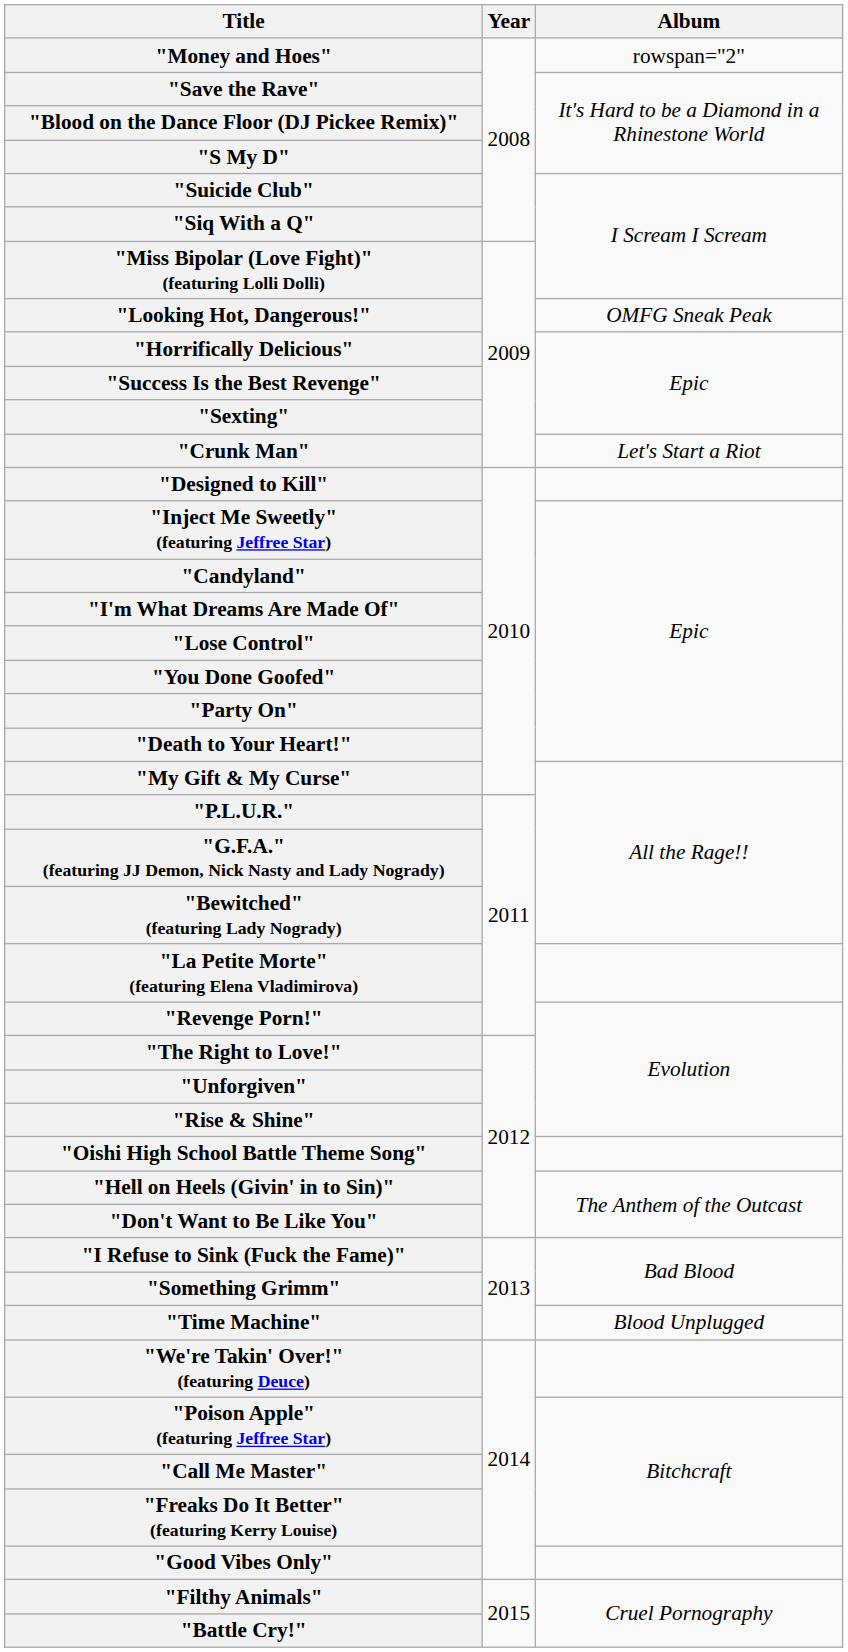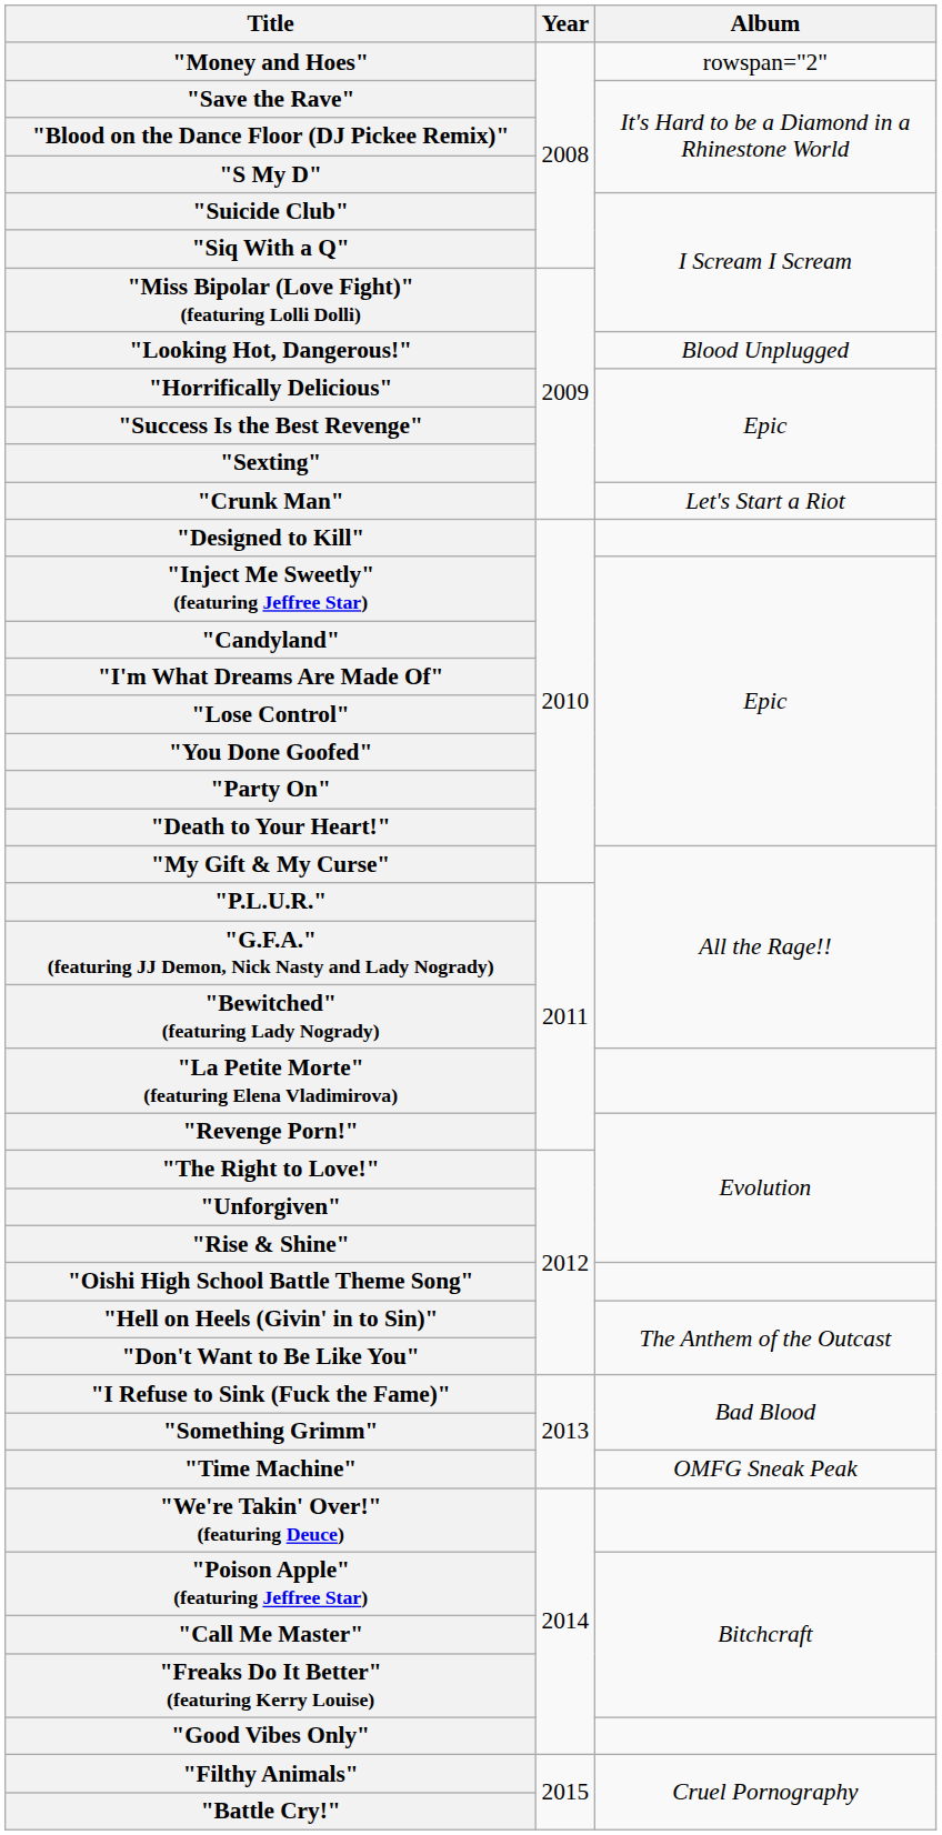 <table class="wikitable plainrowheaders" style="text-align:center;">
 <tr>
 <th scope="col" style="width:22em;">Title</th>
 <th scope="col">Year</th>
 <th scope="col" style="width:14em;">Album</th>
 </tr>
 <tr>
 <th scope="row">"Money and Hoes"</th>
 <td rowspan="6">2008</td>
 <td>rowspan="2" </td>
 </tr>
 <tr>
 <th scope="row">"Save the Rave"</th>
 <td rowspan="3"><em>It's Hard to be a Diamond in a Rhinestone World</em></td>
 </tr>
 <tr>
 <th scope="row">"Blood on the Dance Floor (DJ Pickee Remix)"</th>
 </tr>
 <tr>
 <th scope="row">"S My D"</th>
 </tr>
 <tr>
 <th scope="row">"Suicide Club"</th>
 <td rowspan="3"><em>I Scream I Scream</em></td>
 </tr>
 <tr>
 <th scope="row">"Siq With a Q"</th>
 </tr>
 <tr>
 <th scope="row">"Miss Bipolar (Love Fight)"<br><small>(featuring Lolli Dolli)</small></th>
 <td rowspan="6">2009</td>
 </tr>
 <tr>
 <th scope="row">"Looking Hot, Dangerous!"</th>
-<td><em>OMFG Sneak Peak</em></td>
+<td><em>Blood Unplugged</em></td>
 </tr>
 <tr>
 <th scope="row">"Horrifically Delicious"</th>
 <td rowspan="3"><em>Epic</em></td>
 </tr>
 <tr>
 <th scope="row">"Success Is the Best Revenge"</th>
 </tr>
 <tr>
 <th scope="row">"Sexting"</th>
 </tr>
 <tr>
 <th scope="row">"Crunk Man"</th>
 <td><em>Let's Start a Riot</em></td>
 </tr>
 <tr>
 <th scope="row">"Designed to Kill"</th>
 <td rowspan="9">2010</td>
 </tr>
 <tr>
 <th scope="row">"Inject Me Sweetly"<br><small>(featuring <a href='#'>Jeffree Star</a>)</small></th>
 <td rowspan="7"><em>Epic</em></td>
 </tr>
 <tr>
 <th scope="row">"Candyland"</th>
 </tr>
 <tr>
 <th scope="row">"I'm What Dreams Are Made Of"</th>
 </tr>
 <tr>
 <th scope="row">"Lose Control"</th>
 </tr>
 <tr>
 <th scope="row">"You Done Goofed"</th>
 </tr>
 <tr>
 <th scope="row">"Party On"</th>
 </tr>
 <tr>
 <th scope="row">"Death to Your Heart!"</th>
 </tr>
 <tr>
 <th scope="row">"My Gift & My Curse"</th>
 <td rowspan="4"><em>All the Rage!!</em></td>
 </tr>
 <tr>
 <th scope="row">"P.L.U.R."</th>
 <td rowspan="5">2011</td>
 </tr>
 <tr>
 <th scope="row">"G.F.A."<br><small>(featuring JJ Demon, Nick Nasty and Lady Nogrady)</small></th>
 </tr>
 <tr>
 <th scope="row">"Bewitched"<br><small>(featuring Lady Nogrady)</small></th>
 </tr>
 <tr>
 <th scope="row">"La Petite Morte"<br><small>(featuring Elena Vladimirova)</small></th>
 <td></td>
 </tr>
 <tr>
 <th scope="row">"Revenge Porn!"</th>
 <td rowspan="4"><em>Evolution</em></td>
 </tr>
 <tr>
 <th scope="row">"The Right to Love!"</th>
 <td rowspan="6">2012</td>
 </tr>
 <tr>
 <th scope="row">"Unforgiven"</th>
 </tr>
 <tr>
 <th scope="row">"Rise & Shine"</th>
 </tr>
 <tr>
 <th scope="row">"Oishi High School Battle Theme Song"</th>
 <td></td>
 </tr>
 <tr>
 <th scope="row">"Hell on Heels (Givin' in to Sin)"</th>
 <td rowspan="2"><em>The Anthem of the Outcast</em></td>
 </tr>
 <tr>
 <th scope="row">"Don't Want to Be Like You"</th>
 </tr>
 <tr>
 <th scope="row">"I Refuse to Sink (Fuck the Fame)"</th>
 <td rowspan="3">2013</td>
 <td rowspan="2"><em>Bad Blood</em></td>
 </tr>
 <tr>
 <th scope="row">"Something Grimm"</th>
 </tr>
 <tr>
 <th scope="row">"Time Machine"</th>
-<td><em>Blood Unplugged</em></td>
+<td><em>OMFG Sneak Peak</em></td>
 </tr>
 <tr>
 <th scope="row">"We're Takin' Over!"<br><small>(featuring <a href='#'>Deuce</a>)</small></th>
 <td rowspan="5">2014</td>
 <td></td>
 </tr>
 <tr>
 <th scope="row">"Poison Apple"<br><small>(featuring <a href='#'>Jeffree Star</a>)</small></th>
 <td rowspan="3"><em>Bitchcraft</em></td>
 </tr>
 <tr>
 <th scope="row">"Call Me Master"</th>
 </tr>
 <tr>
 <th scope="row">"Freaks Do It Better"<br><small>(featuring Kerry Louise)</small></th>
 </tr>
 <tr>
 <th scope="row">"Good Vibes Only"</th>
 <td></td>
 </tr>
 <tr>
 <th scope="row">"Filthy Animals"</th>
 <td rowspan="3">2015</td>
 <td rowspan="2"><em>Cruel Pornography</em></td>
 </tr>
 <tr>
 <th scope="row">"Battle Cry!"</th>
 </tr>
 </table>
